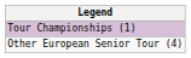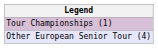 <table class="wikitable" style="font-size:95%;">
 <tr>
 <th>Legend</th>
 </tr>
 <tr style="background:thistle;">
 <td>Tour Championships (1)</td>
 </tr>
 <tr>
-<td>Other European Senior Tour (4)</td>
+<td style="background: lavender;">Other European Senior Tour (4)</td>
 </tr>
 </table>
